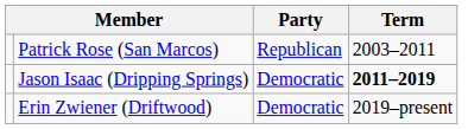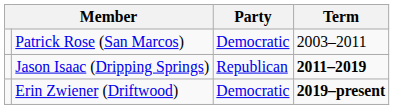 <table class="wikitable">
 <tr>
 <th colspan="2">Member</th>
 <th>Party</th>
 <th>Term</th>
 </tr>
 <tr>
 <td style="background-color: "></td>
 <td><a href='#'>Patrick Rose</a> (<a href='#'>San Marcos</a>)</td>
-<td><a href='#'>Republican</a></td>
+<td><a href='#'>Democratic</a></td>
 <td>2003–2011</td>
 </tr>
 <tr>
 <td style="background-color: "></td>
 <td><a href='#'>Jason Isaac</a> (<a href='#'>Dripping Springs</a>)</td>
-<td><a href='#'>Democratic</a></td>
+<td><a href='#'>Republican</a></td>
 <td><strong>2011–2019</strong></td>
 </tr>
 <tr>
 <td style="background-color: "></td>
 <td><a href='#'>Erin Zwiener</a> (<a href='#'>Driftwood</a>)</td>
 <td><a href='#'>Democratic</a></td>
-<td>2019–present</td>
+<td><strong>2019–present</strong></td>
 </tr>
 </table>
